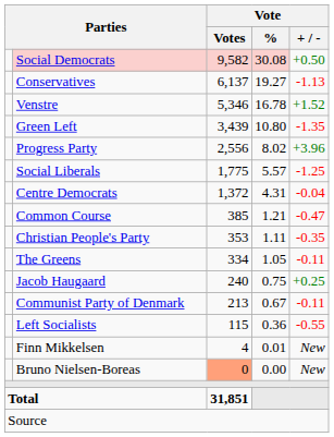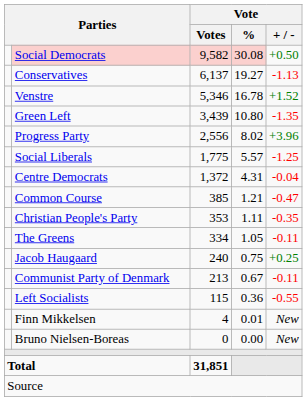 <table class="wikitable" style="text-align:right;">
 <tr>
 <th style="text-align:centre;" rowspan="2" colspan="2" width="225">Parties</th>
 <th colspan="3">Vote</th>
 </tr>
 <tr>
 <th width="15">Votes</th>
 <th width="15">%</th>
 <th width="15">+ / -</th>
 </tr>
 <tr>
 <td width="2" style="color:inherit;background:"></td>
 <td bgcolor=#fbd0ce  align="left"><a href='#'>Social Democrats</a></td>
 <td bgcolor=#fbd0ce>9,582</td>
 <td bgcolor=#fbd0ce>30.08</td>
 <td style=color:green;>+0.50</td>
 </tr>
 <tr>
 <td width="2" style="color:inherit;background:"></td>
 <td align="left"><a href='#'>Conservatives</a></td>
 <td>6,137</td>
 <td>19.27</td>
 <td style=color:red;>-1.13</td>
 </tr>
 <tr>
 <td width="2" style="color:inherit;background:"></td>
 <td align="left"><a href='#'>Venstre</a></td>
 <td>5,346</td>
 <td>16.78</td>
 <td style=color:green;>+1.52</td>
 </tr>
 <tr>
 <td width="2" style="color:inherit;background:"></td>
 <td align="left"><a href='#'>Green Left</a></td>
 <td>3,439</td>
 <td>10.80</td>
 <td style=color:red;>-1.35</td>
 </tr>
 <tr>
 <td width="2" style="color:inherit;background:"></td>
 <td align="left"><a href='#'>Progress Party</a></td>
 <td>2,556</td>
 <td>8.02</td>
 <td style=color:green;>+3.96</td>
 </tr>
 <tr>
 <td width="2" style="color:inherit;background:"></td>
 <td align="left"><a href='#'>Social Liberals</a></td>
 <td>1,775</td>
 <td>5.57</td>
 <td style=color:red;>-1.25</td>
 </tr>
 <tr>
 <td width="2" style="color:inherit;background:"></td>
 <td align="left"><a href='#'>Centre Democrats</a></td>
 <td>1,372</td>
 <td>4.31</td>
 <td style=color:red;>-0.04</td>
 </tr>
 <tr>
 <td width="2" style="color:inherit;background:"></td>
 <td align="left"><a href='#'>Common Course</a></td>
 <td>385</td>
 <td>1.21</td>
 <td style=color:red;>-0.47</td>
 </tr>
 <tr>
 <td width="2" style="color:inherit;background:"></td>
 <td align="left"><a href='#'>Christian People's Party</a></td>
 <td>353</td>
 <td>1.11</td>
 <td style=color:red;>-0.35</td>
 </tr>
 <tr>
 <td width="2" style="color:inherit;background:"></td>
 <td align="left"><a href='#'>The Greens</a></td>
 <td>334</td>
 <td>1.05</td>
 <td style=color:red;>-0.11</td>
 </tr>
 <tr>
 <td width="2" style="color:inherit;background:"></td>
 <td align="left"><a href='#'>Jacob Haugaard</a></td>
 <td>240</td>
 <td>0.75</td>
 <td style=color:green;>+0.25</td>
 </tr>
 <tr>
 <td width="2" style="color:inherit;background:"></td>
 <td align="left"><a href='#'>Communist Party of Denmark</a></td>
 <td>213</td>
 <td>0.67</td>
 <td style=color:red;>-0.11</td>
 </tr>
 <tr>
 <td width="2" style="color:inherit;background:"></td>
 <td align="left"><a href='#'>Left Socialists</a></td>
 <td>115</td>
 <td>0.36</td>
 <td style=color:red;>-0.55</td>
 </tr>
 <tr>
 <td width="2" style="color:inherit;background:"></td>
 <td align="left">Finn Mikkelsen</td>
 <td>4</td>
 <td>0.01</td>
 <td><em>New</em></td>
 </tr>
 <tr>
 <td width="2" style="color:inherit;background:"></td>
 <td align="left">Bruno Nielsen-Boreas</td>
-<td style="background: lightsalmon;">0</td>
+<td>0</td>
 <td>0.00</td>
 <td><em>New</em></td>
 </tr>
 <tr>
 <td colspan="7" bgcolor="#E9E9E9"></td>
 </tr>
 <tr>
 <td align="left" colspan="2"><strong>Total</strong></td>
 <td><strong>31,851</strong></td>
 <td bgcolor="#E9E9E9" colspan="2"></td>
 </tr>
 <tr>
 <td align="left" colspan="6">Source</td>
 </tr>
 </table>
